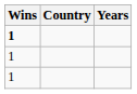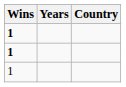 <table class="wikitable sortable plainrowheaders">
 <tr>
 <th scope="col">Wins</th>
+<th scope="col">Years</th>
 <th scope="col">Country</th>
-<th scope="col">Years</th>
+</tr>
+<tr>
+<td><strong>1</strong></td>
+<td></td>
+<td></td>
 </tr>
 <tr>
 <td><strong>1</strong></td>
 <td></td>
 <td></td>
 </tr>
 <tr>
 <td>1</td>
 <td></td>
 <td></td>
 </tr>
-<tr>
-<td>1</td>
-<td></td>
-<td></td>
-</tr>
 </table>
